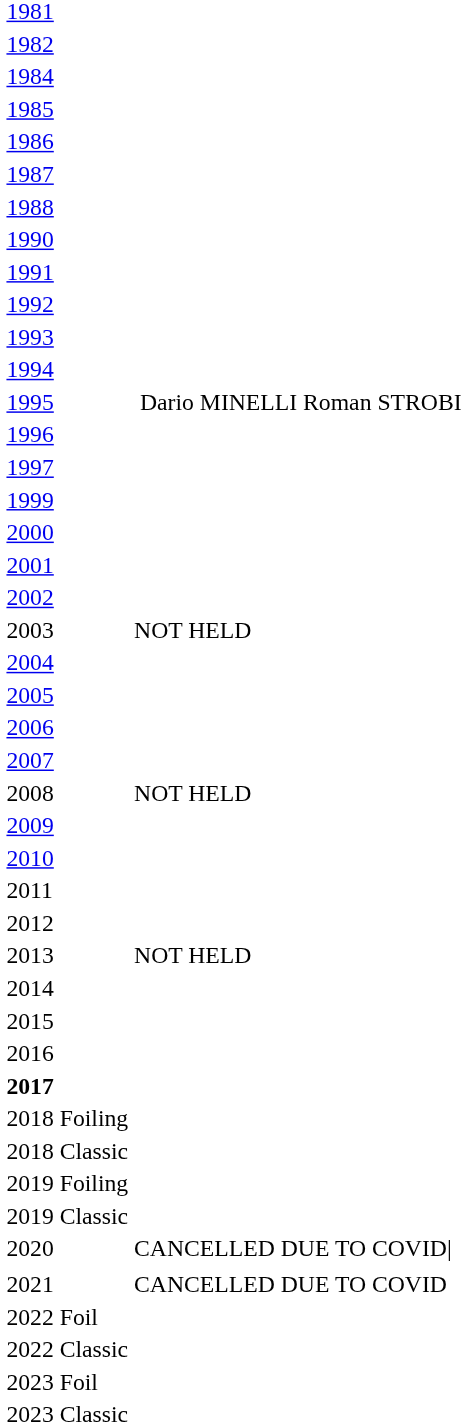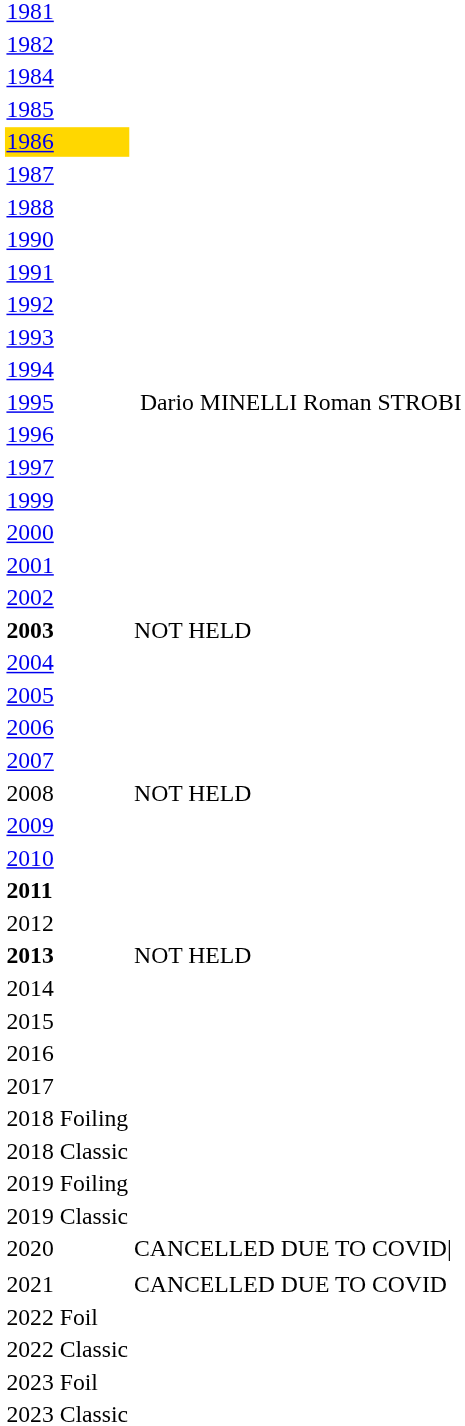 <table>
 <tr>
 <td><a href='#'>1981</a></td>
 <td></td>
 <td></td>
 <td></td>
 </tr>
 <tr>
 <td><a href='#'>1982</a></td>
 <td></td>
 <td></td>
 <td></td>
 </tr>
 <tr>
 <td><a href='#'>1984</a></td>
 <td></td>
 <td></td>
 <td></td>
 </tr>
 <tr>
 <td><a href='#'>1985</a></td>
 <td></td>
 <td></td>
 <td></td>
 </tr>
 <tr>
-<td><a href='#'>1986</a></td>
+<td style="background: gold;"><a href='#'>1986</a></td>
 <td></td>
 <td></td>
 <td></td>
 </tr>
 <tr>
 <td><a href='#'>1987</a></td>
 <td></td>
 <td></td>
 <td></td>
 </tr>
 <tr>
 <td><a href='#'>1988</a></td>
 <td></td>
 <td></td>
 <td></td>
 </tr>
 <tr>
 <td><a href='#'>1990</a></td>
 <td></td>
 <td></td>
 <td></td>
 </tr>
 <tr>
 <td><a href='#'>1991</a></td>
 <td></td>
 <td></td>
 <td></td>
 </tr>
 <tr>
 <td><a href='#'>1992</a></td>
 <td></td>
 <td></td>
 <td></td>
 </tr>
 <tr>
 <td><a href='#'>1993</a></td>
 <td></td>
 <td></td>
 <td></td>
 </tr>
 <tr>
 <td><a href='#'>1994</a></td>
 <td></td>
 <td></td>
 <td></td>
 </tr>
 <tr>
 <td><a href='#'>1995</a></td>
 <td></td>
 <td>Dario MINELLI</td>
 <td>Roman STROBI</td>
 </tr>
 <tr>
 <td><a href='#'>1996</a></td>
 <td></td>
 <td></td>
 <td></td>
 </tr>
 <tr>
 <td><a href='#'>1997</a></td>
 <td></td>
 <td></td>
 <td></td>
 </tr>
 <tr>
 <td><a href='#'>1999</a></td>
 <td></td>
 <td></td>
 <td></td>
 <td></td>
 </tr>
 <tr>
 <td><a href='#'>2000</a></td>
 <td></td>
 <td></td>
 <td></td>
 </tr>
 <tr>
 <td><a href='#'>2001</a></td>
 <td></td>
 <td></td>
 <td></td>
 </tr>
 <tr>
 <td><a href='#'>2002</a></td>
 <td></td>
 <td></td>
 <td></td>
 </tr>
 <tr>
-<td>2003</td>
+<td><strong>2003</strong></td>
 <td colspan=3>NOT HELD</td>
 <td></td>
 </tr>
 <tr>
 <td><a href='#'>2004</a></td>
 <td></td>
 <td></td>
 <td></td>
 </tr>
 <tr>
 <td><a href='#'>2005</a></td>
 <td></td>
 <td></td>
 <td></td>
 </tr>
 <tr>
 <td><a href='#'>2006</a></td>
 <td></td>
 <td></td>
 <td></td>
 </tr>
 <tr>
 <td><a href='#'>2007</a></td>
 <td></td>
 <td></td>
 <td></td>
 <td></td>
 </tr>
 <tr>
 <td>2008</td>
 <td colspan=3>NOT HELD</td>
 <td></td>
 </tr>
 <tr>
 <td><a href='#'>2009</a></td>
 <td></td>
 <td></td>
 <td></td>
 </tr>
 <tr>
 <td><a href='#'>2010</a></td>
 <td></td>
 <td></td>
 <td></td>
 </tr>
 <tr>
-<td>2011</td>
+<td><strong>2011</strong></td>
 <td></td>
 <td></td>
 <td></td>
 <td></td>
 </tr>
 <tr>
 <td>2012</td>
 <td></td>
 <td></td>
 <td></td>
 <td></td>
 </tr>
 <tr>
-<td>2013</td>
+<td><strong>2013</strong></td>
 <td colspan=3>NOT HELD</td>
 <td></td>
 </tr>
 <tr>
 <td>2014</td>
 <td></td>
 <td></td>
 <td></td>
 </tr>
 <tr>
 <td>2015</td>
 <td></td>
 <td></td>
 <td></td>
 <td></td>
 </tr>
 <tr>
 <td>2016</td>
 <td></td>
 <td></td>
 <td></td>
 <td></td>
 </tr>
 <tr>
-<td><strong>2017</strong></td>
+<td>2017</td>
 <td></td>
 <td></td>
 <td></td>
 <td></td>
 </tr>
 <tr>
 <td>2018 Foiling</td>
 <td></td>
 <td></td>
 <td></td>
 <td></td>
 </tr>
 <tr>
 <td>2018 Classic</td>
 <td></td>
 <td></td>
 <td></td>
 <td></td>
 </tr>
 <tr>
 <td>2019 Foiling</td>
 <td></td>
 <td></td>
 <td></td>
 <td></td>
 </tr>
 <tr>
 <td>2019 Classic</td>
 <td></td>
 <td></td>
 <td></td>
 <td></td>
 </tr>
 <tr>
 <td>2020</td>
 <td COLSPAN=3>CANCELLED DUE TO COVID|</td>
 </tr>
 <tr>
 </tr>
 <tr>
 <td>2021</td>
 <td COLSPAN=3>CANCELLED DUE TO COVID</td>
 <td></td>
 </tr>
 <tr>
 <td>2022 Foil</td>
 <td></td>
 <td></td>
 <td></td>
 <td></td>
 </tr>
 <tr>
 <td>2022 Classic</td>
 <td></td>
 <td></td>
 <td></td>
 <td></td>
 </tr>
 <tr>
 <td>2023 Foil</td>
 <td></td>
 <td></td>
 <td></td>
 <td></td>
 </tr>
 <tr>
 <td>2023 Classic</td>
 <td></td>
 <td></td>
 <td></td>
 <td></td>
 </tr>
 <tr>
 </tr>
 </table>
